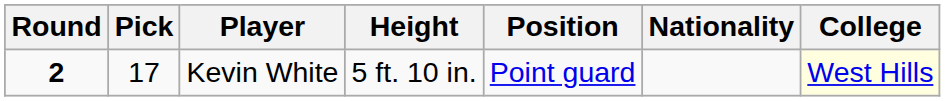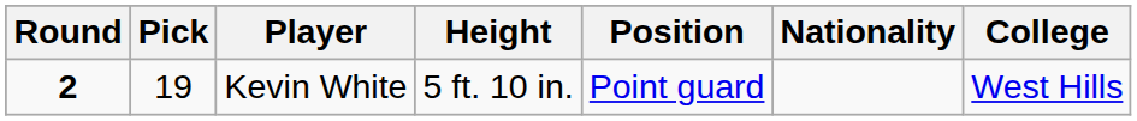 <table class="wikitable sortable sortable">
 <tr>
 <th>Round</th>
 <th>Pick</th>
 <th>Player</th>
 <th>Height</th>
 <th>Position</th>
 <th>Nationality</th>
 <th>College</th>
 </tr>
 <tr style="text-align: center">
 <td><strong>2</strong></td>
-<td>17</td>
+<td>19</td>
 <td>Kevin White</td>
 <td>5 ft. 10 in.</td>
 <td><a href='#'>Point guard</a></td>
 <td></td>
-<td style="background: lightyellow;"><a href='#'>West Hills</a></td>
+<td><a href='#'>West Hills</a></td>
 </tr>
 </table>
